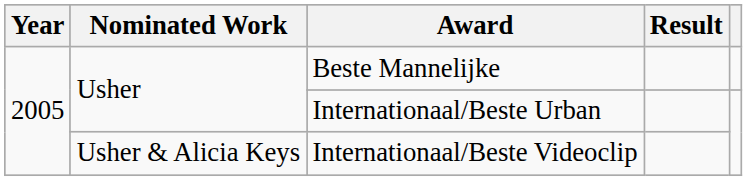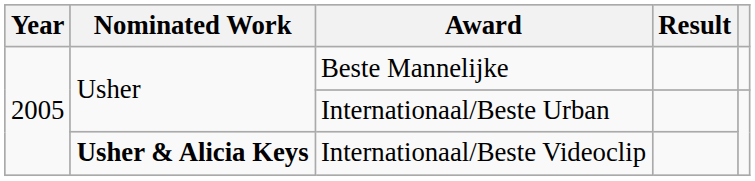 <table class="wikitable">
 <tr>
 <th>Year</th>
 <th>Nominated Work</th>
 <th>Award</th>
 <th>Result</th>
 <th></th>
 </tr>
 <tr>
 <td rowspan="3">2005</td>
 <td rowspan="2">Usher</td>
 <td>Beste Mannelijke</td>
 <td></td>
 <td style="text-align:center;"></td>
 </tr>
 <tr>
 <td>Internationaal/Beste Urban</td>
 <td></td>
 <td style="text-align:center;" rowspan="2"></td>
 </tr>
 <tr>
-<td>Usher & Alicia Keys</td>
+<td><strong>Usher & Alicia Keys</strong></td>
 <td>Internationaal/Beste Videoclip</td>
 <td></td>
 </tr>
 </table>
